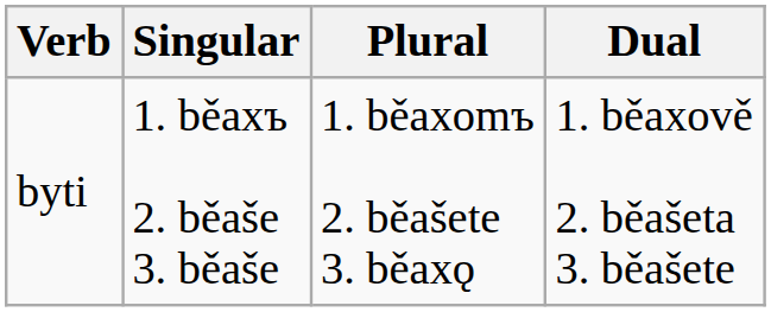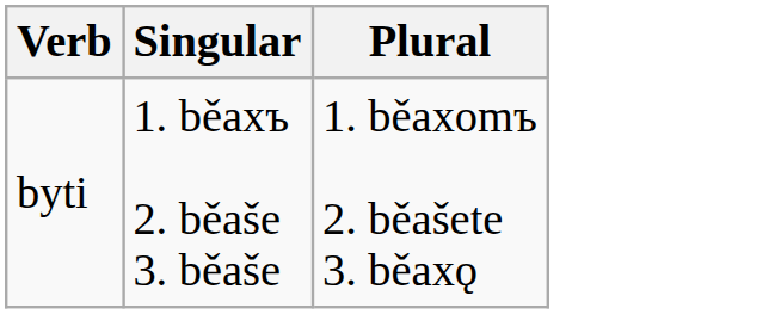 <table class="wikitable">
 <tr>
 <th>Verb</th>
 <th>Singular</th>
 <th>Plural</th>
-<th>Dual</th>
 </tr>
 <tr>
 <td>byti</td>
 <td>1. běaxъ<br><br>2. běaše<br> 3. běaše<br></td>
 <td>1. běaxomъ<br><br>2. běašete<br> 3. běaxǫ<br></td>
-<td>1. běaxově<br><br>2. běašeta<br> 3. běašete<br></td>
 </tr>
 </table>
